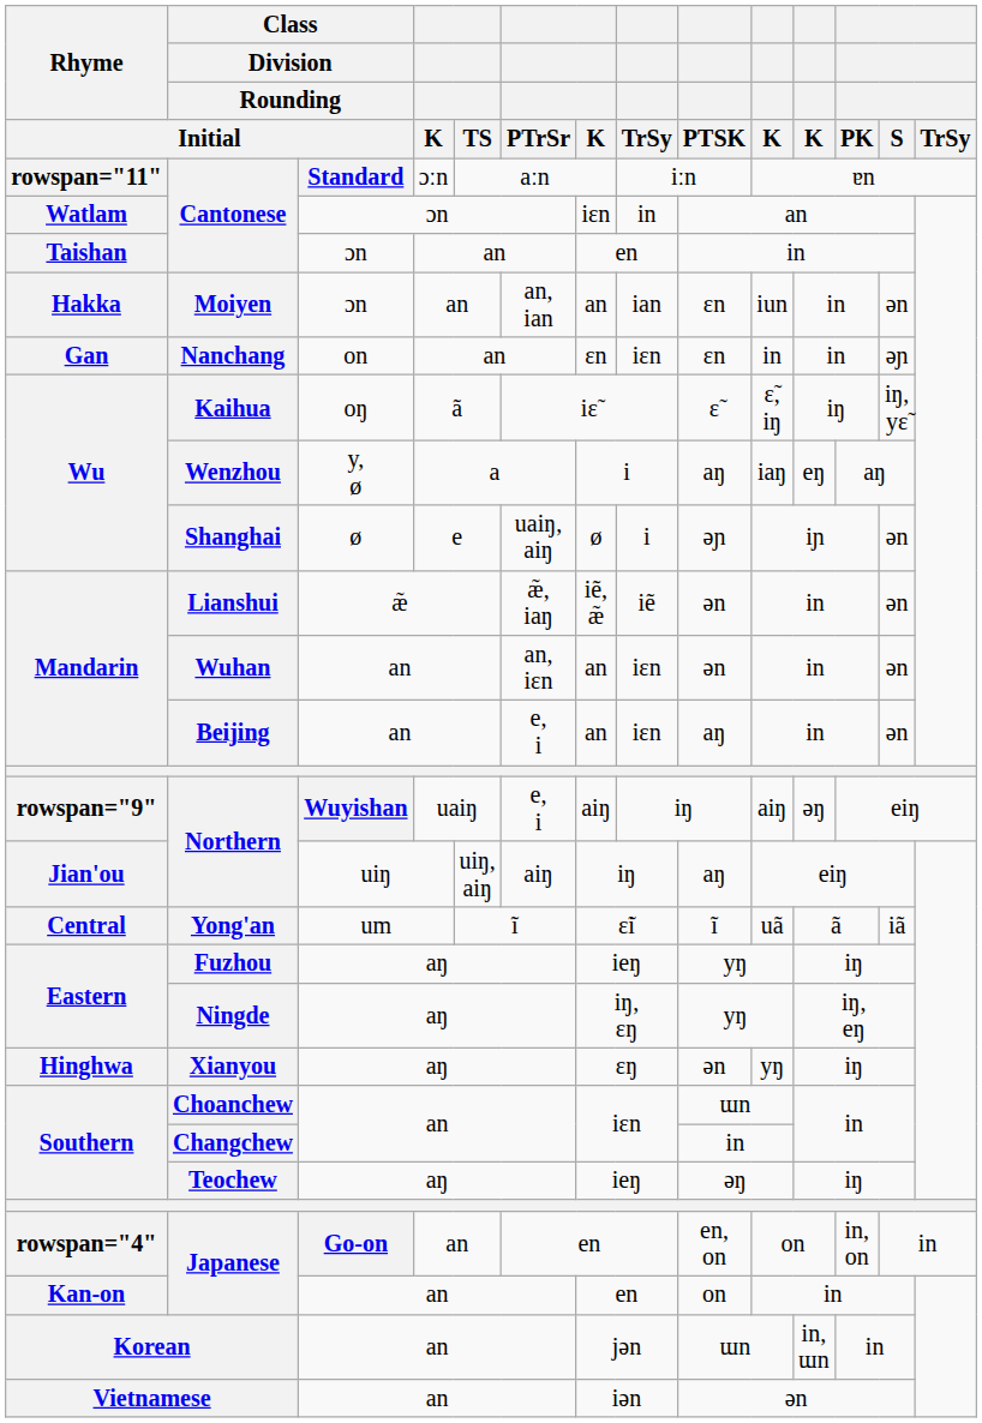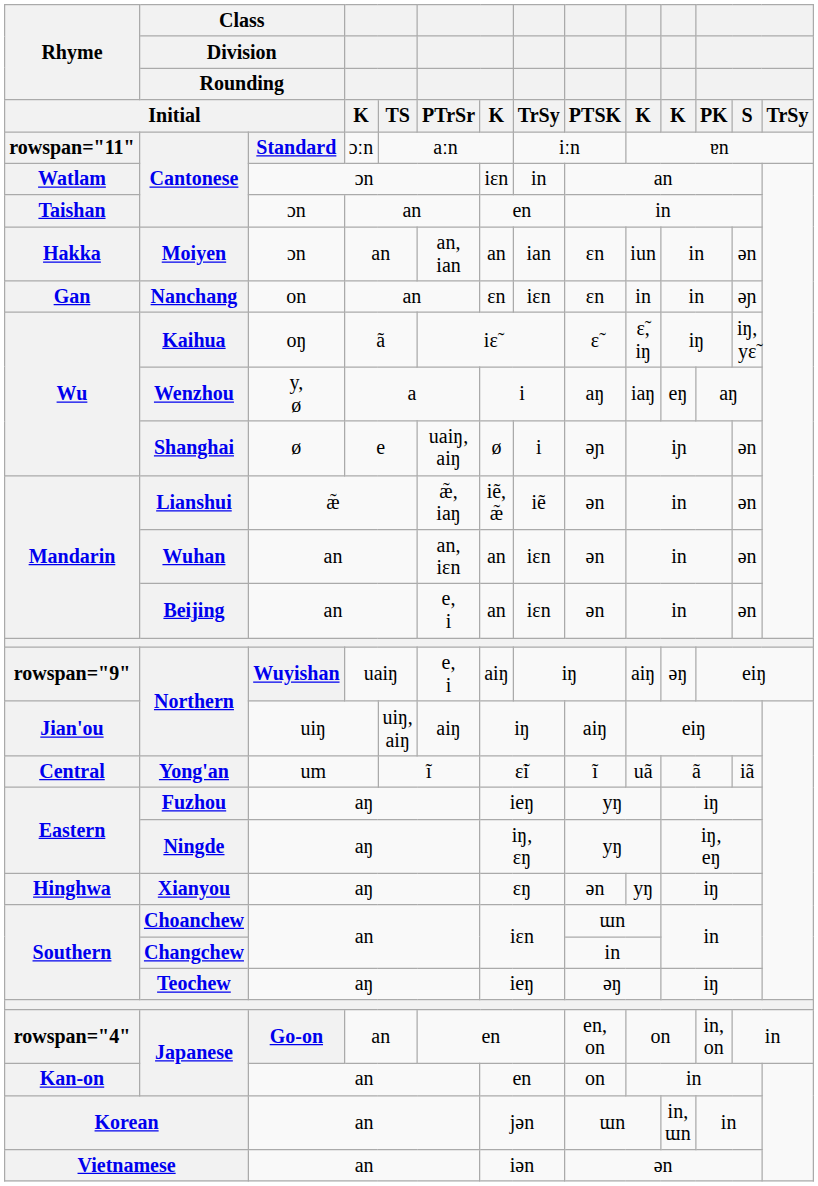 <table class="wikitable" style="text-align: center;">
 <tr>
 <th rowspan="3">Rhyme</th>
 <th colspan="2">Class</th>
 <th colspan="2"></th>
 <th colspan="2"></th>
 <th></th>
 <th></th>
 <th></th>
 <th></th>
 <th colspan="3"></th>
 </tr>
 <tr>
 <th colspan="2">Division</th>
 <th colspan="2"></th>
 <th colspan="2"></th>
 <th></th>
 <th></th>
 <th></th>
 <th></th>
 <th colspan="3"></th>
 </tr>
 <tr>
 <th colspan="2">Rounding</th>
 <th colspan="2"></th>
 <th colspan="2"></th>
 <th></th>
 <th></th>
 <th></th>
 <th></th>
 <th colspan="3"></th>
 </tr>
 <tr>
 <th colspan="3">Initial</th>
 <th>K</th>
 <th>TS</th>
 <th>PTrSr</th>
 <th>K</th>
 <th>TrSy</th>
 <th>PTSK</th>
 <th>K</th>
 <th>K</th>
 <th>PK</th>
 <th>S</th>
 <th>TrSy</th>
 </tr>
 <tr>
 <th>rowspan="11" </th>
 <th rowspan="3"><a href='#'>Cantonese</a></th>
 <th><a href='#'>Standard</a></th>
 <td>ɔːn</td>
 <td colspan="3">aːn</td>
 <td colspan="2">iːn</td>
 <td colspan="5">ɐn</td>
 </tr>
 <tr>
 <th><a href='#'>Watlam</a></th>
 <td colspan="4">ɔn</td>
 <td>iɛn</td>
 <td>in</td>
 <td colspan="5">an</td>
 </tr>
 <tr>
 <th><a href='#'>Taishan</a></th>
 <td>ɔn</td>
 <td colspan="3">an</td>
 <td colspan="2">en</td>
 <td colspan="5">in</td>
 </tr>
 <tr>
 <th><a href='#'>Hakka</a></th>
 <th><a href='#'>Moiyen</a></th>
 <td>ɔn</td>
 <td colspan="2">an</td>
 <td>an,<br>ian</td>
 <td>an</td>
 <td>ian</td>
 <td>ɛn</td>
 <td>iun</td>
 <td colspan="2">in</td>
 <td>ən</td>
 </tr>
 <tr>
 <th><a href='#'>Gan</a></th>
 <th><a href='#'>Nanchang</a></th>
 <td>on</td>
 <td colspan="3">an</td>
 <td>ɛn</td>
 <td>iɛn</td>
 <td>ɛn</td>
 <td>in</td>
 <td colspan="2">in</td>
 <td>əɲ</td>
 </tr>
 <tr>
 <th rowspan="3"><a href='#'>Wu</a></th>
 <th><a href='#'>Kaihua</a></th>
 <td>oŋ</td>
 <td colspan="2">ã</td>
 <td colspan="3">iɛ̃</td>
 <td>ɛ̃</td>
 <td>ɛ̃,<br>iŋ</td>
 <td colspan="2">iŋ</td>
 <td>iŋ,<br>yɛ̃</td>
 </tr>
 <tr>
 <th><a href='#'>Wenzhou</a></th>
 <td>y,<br>ø</td>
 <td colspan="3">a</td>
 <td colspan="2">i</td>
 <td>aŋ</td>
 <td>iaŋ</td>
 <td>eŋ</td>
 <td colspan="2">aŋ</td>
 </tr>
 <tr>
 <th><a href='#'>Shanghai</a></th>
 <td>ø</td>
 <td colspan="2">e</td>
 <td>uaiŋ,<br>aiŋ</td>
 <td>ø</td>
 <td>i</td>
 <td>əɲ</td>
 <td colspan="3">iɲ</td>
 <td>ən</td>
 </tr>
 <tr>
 <th rowspan="3"><a href='#'>Mandarin</a></th>
 <th><a href='#'>Lianshui</a></th>
 <td colspan="3">æ̃</td>
 <td>æ̃,<br>iaŋ</td>
 <td>iẽ,<br>æ̃</td>
 <td>iẽ</td>
 <td>ən</td>
 <td colspan="3">in</td>
 <td>ən</td>
 </tr>
 <tr>
 <th><a href='#'>Wuhan</a></th>
 <td colspan="3">an</td>
 <td>an,<br>iɛn</td>
 <td>an</td>
 <td>iɛn</td>
 <td>ən</td>
 <td colspan="3">in</td>
 <td>ən</td>
 </tr>
 <tr>
 <th><a href='#'>Beijing</a></th>
 <td colspan="3">an</td>
 <td>e,<br>i</td>
 <td>an</td>
 <td>iɛn</td>
-<td>aŋ</td>
+<td>ən</td>
 <td colspan="3">in</td>
 <td>ən</td>
 </tr>
 <tr>
 <th colspan="14"></th>
 </tr>
 <tr>
 <th>rowspan="9" </th>
 <th rowspan="2"><a href='#'>Northern</a></th>
 <th><a href='#'>Wuyishan</a></th>
 <td colspan="2">uaiŋ</td>
 <td>e,<br>i</td>
 <td>aiŋ</td>
 <td colspan="2">iŋ</td>
 <td>aiŋ</td>
 <td>əŋ</td>
 <td colspan="3">eiŋ</td>
 </tr>
 <tr>
 <th><a href='#'>Jian'ou</a></th>
 <td colspan="2">uiŋ</td>
 <td>uiŋ,<br>aiŋ</td>
 <td>aiŋ</td>
 <td colspan="2">iŋ</td>
-<td>aŋ</td>
+<td>aiŋ</td>
 <td colspan="4">eiŋ</td>
 </tr>
 <tr>
 <th><a href='#'>Central</a></th>
 <th><a href='#'>Yong'an</a></th>
 <td colspan="2">um</td>
 <td colspan="2">ĩ</td>
 <td colspan="2">ɛ̃i</td>
 <td>ĩ</td>
 <td>uã</td>
 <td colspan="2">ã</td>
 <td>iã</td>
 </tr>
 <tr>
 <th rowspan="2"><a href='#'>Eastern</a></th>
 <th><a href='#'>Fuzhou</a></th>
 <td colspan="4">aŋ</td>
 <td colspan="2">ieŋ</td>
 <td colspan="2">yŋ</td>
 <td colspan="3">iŋ</td>
 </tr>
 <tr>
 <th><a href='#'>Ningde</a></th>
 <td colspan="4">aŋ</td>
 <td colspan="2">iŋ,<br>ɛŋ</td>
 <td colspan="2">yŋ</td>
 <td colspan="3">iŋ,<br>eŋ</td>
 </tr>
 <tr>
 <th><a href='#'>Hinghwa</a></th>
 <th><a href='#'>Xianyou</a></th>
 <td colspan="4">aŋ</td>
 <td colspan="2">ɛŋ</td>
 <td>ən</td>
 <td>yŋ</td>
 <td colspan="3">iŋ</td>
 </tr>
 <tr>
 <th rowspan="3"><a href='#'>Southern</a></th>
 <th><a href='#'>Choanchew</a></th>
 <td colspan="4" rowspan="2">an</td>
 <td colspan="2" rowspan="2">iɛn</td>
 <td colspan="2">ɯn</td>
 <td colspan="3" rowspan="2">in</td>
 </tr>
 <tr>
 <th><a href='#'>Changchew</a></th>
 <td colspan="2">in</td>
 </tr>
 <tr>
 <th><a href='#'>Teochew</a></th>
 <td colspan="4">aŋ</td>
 <td colspan="2">ieŋ</td>
 <td colspan="2">əŋ</td>
 <td colspan="3">iŋ</td>
 </tr>
 <tr>
 <th colspan="14"></th>
 </tr>
 <tr>
 <th>rowspan="4" </th>
 <th rowspan="2"><a href='#'>Japanese</a></th>
 <th><a href='#'>Go-on</a></th>
 <td colspan="2">an</td>
 <td colspan="3">en</td>
 <td>en,<br>on</td>
 <td colspan="2">on</td>
 <td>in,<br>on</td>
 <td colspan="2">in</td>
 </tr>
 <tr>
 <th><a href='#'>Kan-on</a></th>
 <td colspan="4">an</td>
 <td colspan="2">en</td>
 <td>on</td>
 <td colspan="4">in</td>
 </tr>
 <tr>
 <th colspan="2"><a href='#'>Korean</a></th>
 <td colspan="4">an</td>
 <td colspan="2">jən</td>
 <td colspan="2">ɯn</td>
 <td>in,<br>ɯn</td>
 <td colspan="2">in</td>
 </tr>
 <tr>
 <th colspan="2"><a href='#'>Vietnamese</a></th>
 <td colspan="4">an</td>
 <td colspan="2">iən</td>
 <td colspan="5">ən</td>
 </tr>
 </table>
